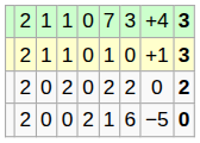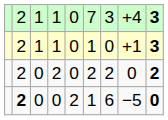 <table class="wikitable" style="text-align:center">
 <tr style="background:#cfc;">
 <td align="left"></td>
 <td>2</td>
 <td>1</td>
 <td>1</td>
 <td>0</td>
 <td>7</td>
 <td>3</td>
 <td>+4</td>
 <td><strong>3</strong></td>
 </tr>
 <tr style="background:#ffc;">
 <td align="left"></td>
 <td>2</td>
 <td>1</td>
 <td>1</td>
 <td>0</td>
 <td>1</td>
 <td>0</td>
 <td>+1</td>
 <td><strong>3</strong></td>
 </tr>
 <tr>
 <td align="left"></td>
 <td>2</td>
 <td>0</td>
 <td>2</td>
 <td>0</td>
 <td>2</td>
 <td>2</td>
 <td>0</td>
 <td><strong>2</strong></td>
 </tr>
 <tr>
 <td align="left"></td>
-<td>2</td>
+<td><strong>2</strong></td>
 <td>0</td>
 <td>0</td>
 <td>2</td>
 <td>1</td>
 <td>6</td>
 <td>−5</td>
 <td><strong>0</strong></td>
 </tr>
 </table>
